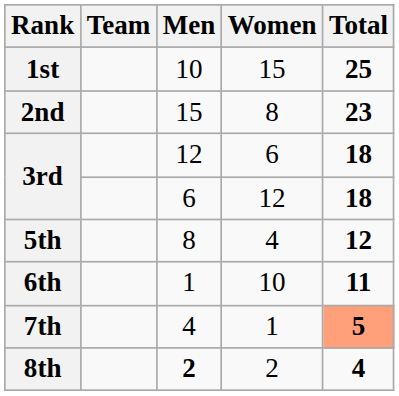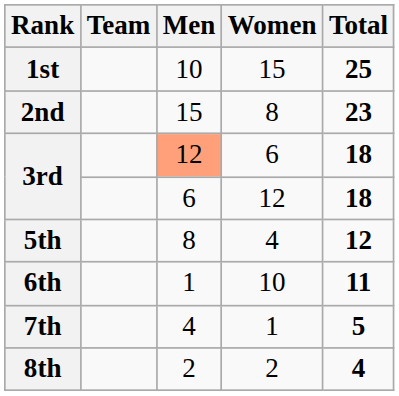 <table class="wikitable sortable" style="text-align:center">
 <tr>
 <th>Rank</th>
 <th>Team</th>
 <th>Men</th>
 <th>Women</th>
 <th>Total</th>
 </tr>
 <tr>
 <th>1st</th>
 <td align=left></td>
 <td>10</td>
 <td>15</td>
 <td><strong>25</strong></td>
 </tr>
 <tr>
 <th>2nd</th>
 <td align=left></td>
 <td>15</td>
 <td>8</td>
 <td><strong>23</strong></td>
 </tr>
 <tr>
 <th rowspan=2>3rd</th>
 <td align=left></td>
-<td>12</td>
+<td style="background: lightsalmon;">12</td>
 <td>6</td>
 <td><strong>18</strong></td>
 </tr>
 <tr>
 <td align=left></td>
 <td>6</td>
 <td>12</td>
 <td><strong>18</strong></td>
 </tr>
 <tr>
 <th>5th</th>
 <td align=left></td>
 <td>8</td>
 <td>4</td>
 <td><strong>12</strong></td>
 </tr>
 <tr>
 <th>6th</th>
 <td align=left></td>
 <td>1</td>
 <td>10</td>
 <td><strong>11</strong></td>
 </tr>
 <tr>
 <th>7th</th>
 <td align=left></td>
 <td>4</td>
 <td>1</td>
-<td style="background: lightsalmon;"><strong>5</strong></td>
+<td><strong>5</strong></td>
 </tr>
 <tr>
 <th>8th</th>
 <td align=left></td>
-<td><strong>2</strong></td>
+<td>2</td>
 <td>2</td>
 <td><strong>4</strong></td>
 </tr>
 </table>
